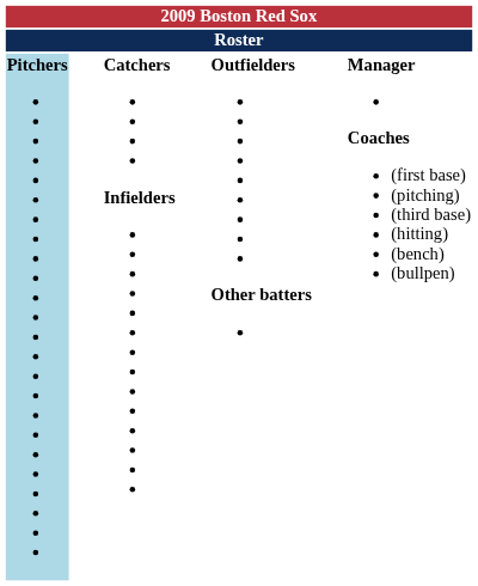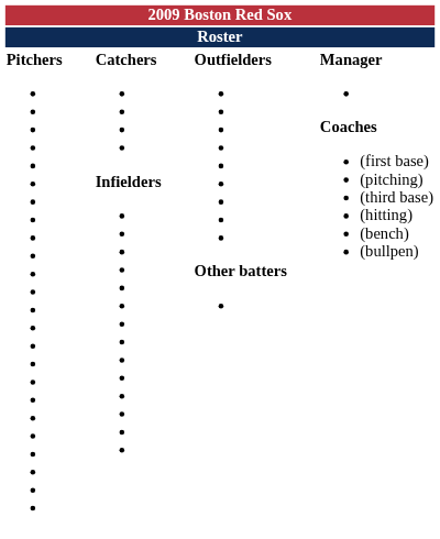 <table class="toccolours" style="text-align: left;">
 <tr>
 <th colspan="10" style="background-color: #ba313c; color: #FFFFFF; text-align: center;">2009 Boston Red Sox</th>
 </tr>
 <tr>
 <td colspan="10" style="background-color:#0d2b56; color: white; text-align: center;"><strong>Roster</strong></td>
 </tr>
 <tr>
-<td valign="top" style="background: lightblue;"><strong>Pitchers</strong><br><ul><li></li><li></li><li></li><li></li><li></li><li></li><li></li><li></li><li></li><li></li><li></li><li></li><li></li><li></li><li></li><li></li><li></li><li></li><li></li><li></li><li></li><li></li><li></li><li></li></ul></td>
+<td valign="top"><strong>Pitchers</strong><br><ul><li></li><li></li><li></li><li></li><li></li><li></li><li></li><li></li><li></li><li></li><li></li><li></li><li></li><li></li><li></li><li></li><li></li><li></li><li></li><li></li><li></li><li></li><li></li><li></li></ul></td>
 <td width="25px"></td>
 <td valign="top"><strong>Catchers</strong><br><ul><li></li><li></li><li></li><li></li></ul><strong>Infielders</strong><ul><li></li><li></li><li></li><li></li><li></li><li></li><li></li><li></li><li></li><li></li><li></li><li></li><li></li><li></li></ul></td>
 <td width="25px"></td>
 <td valign="top"><strong>Outfielders</strong><br><ul><li></li><li></li><li></li><li></li><li></li><li></li><li></li><li></li><li></li></ul><strong>Other batters</strong><ul><li></li></ul></td>
 <td width="25px"></td>
 <td valign="top"><strong>Manager</strong><br><ul><li></li></ul><strong>Coaches</strong><ul><li> (first base)</li><li> (pitching)</li><li> (third base)</li><li> (hitting)</li><li> (bench)</li><li> (bullpen)</li></ul></td>
 </tr>
 <tr>
 </tr>
 </table>
